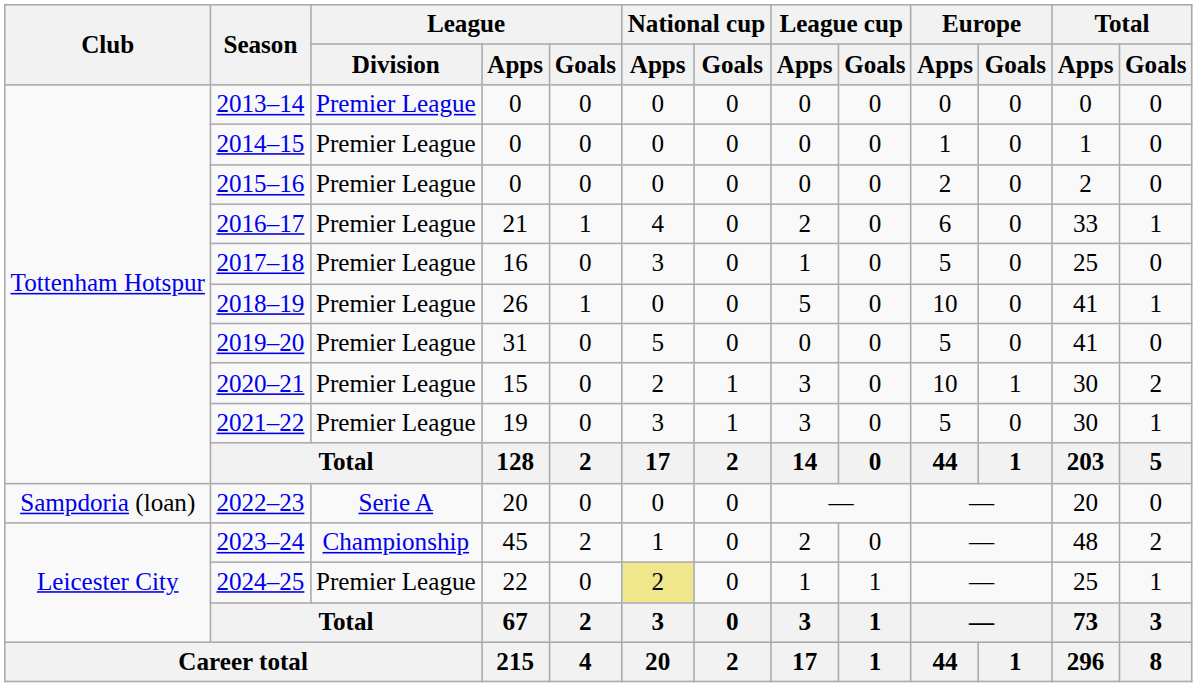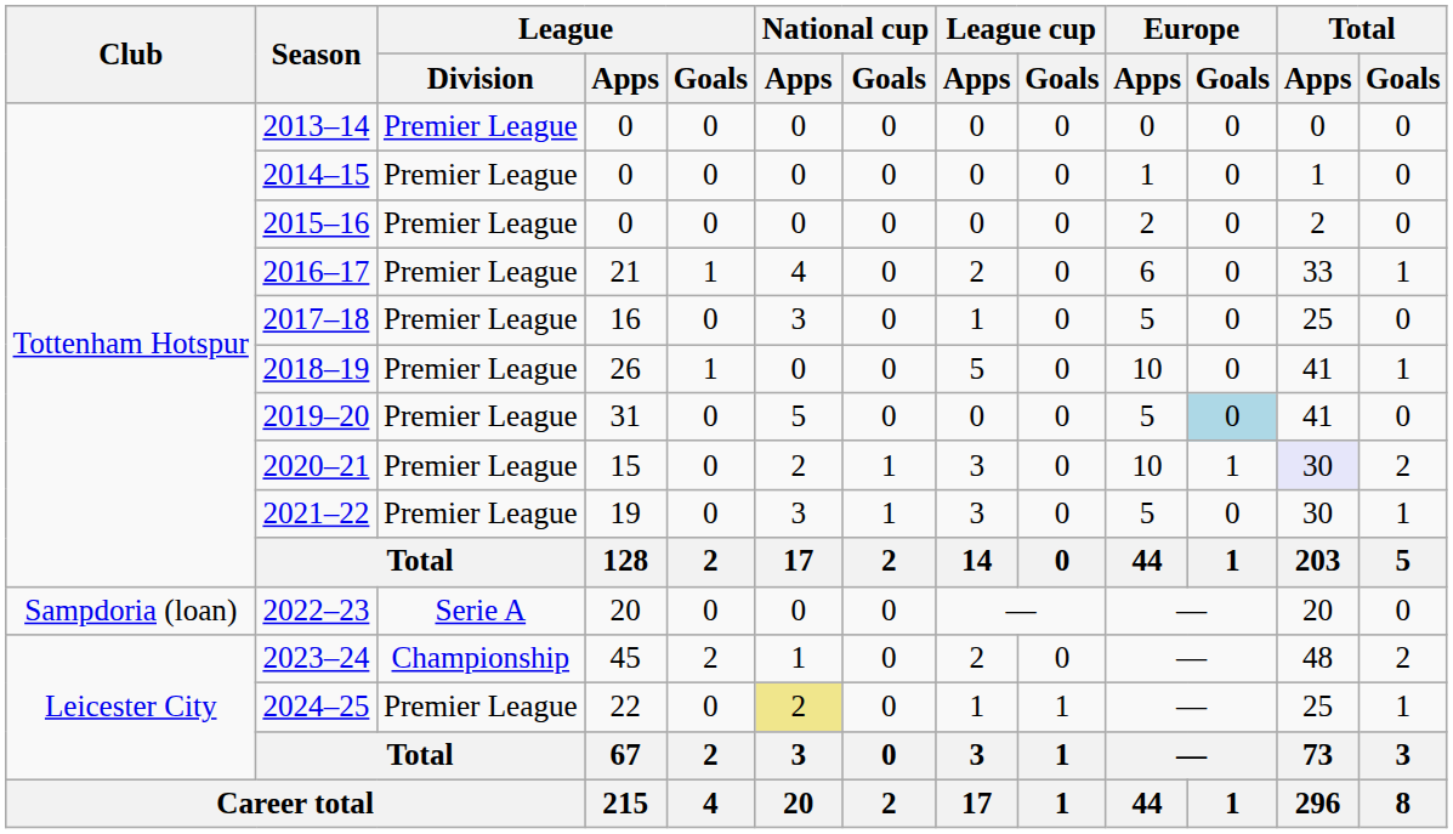 <table class="wikitable" style="text-align: center;">
 <tr>
 <th rowspan=2>Club</th>
 <th rowspan=2>Season</th>
 <th colspan=3>League</th>
 <th colspan=2>National cup</th>
 <th colspan=2>League cup</th>
 <th colspan=2>Europe</th>
 <th colspan=2>Total</th>
 </tr>
 <tr>
 <th>Division</th>
 <th>Apps</th>
 <th>Goals</th>
 <th>Apps</th>
 <th>Goals</th>
 <th>Apps</th>
 <th>Goals</th>
 <th>Apps</th>
 <th>Goals</th>
 <th>Apps</th>
 <th>Goals</th>
 </tr>
 <tr>
 <td rowspan=10><a href='#'>Tottenham Hotspur</a></td>
 <td><a href='#'>2013–14</a></td>
 <td><a href='#'>Premier League</a></td>
 <td>0</td>
 <td>0</td>
 <td>0</td>
 <td>0</td>
 <td>0</td>
 <td>0</td>
 <td>0</td>
 <td>0</td>
 <td>0</td>
 <td>0</td>
 </tr>
 <tr>
 <td><a href='#'>2014–15</a></td>
 <td>Premier League</td>
 <td>0</td>
 <td>0</td>
 <td>0</td>
 <td>0</td>
 <td>0</td>
 <td>0</td>
 <td>1</td>
 <td>0</td>
 <td>1</td>
 <td>0</td>
 </tr>
 <tr>
 <td><a href='#'>2015–16</a></td>
 <td>Premier League</td>
 <td>0</td>
 <td>0</td>
 <td>0</td>
 <td>0</td>
 <td>0</td>
 <td>0</td>
 <td>2</td>
 <td>0</td>
 <td>2</td>
 <td>0</td>
 </tr>
 <tr>
 <td><a href='#'>2016–17</a></td>
 <td>Premier League</td>
 <td>21</td>
 <td>1</td>
 <td>4</td>
 <td>0</td>
 <td>2</td>
 <td>0</td>
 <td>6</td>
 <td>0</td>
 <td>33</td>
 <td>1</td>
 </tr>
 <tr>
 <td><a href='#'>2017–18</a></td>
 <td>Premier League</td>
 <td>16</td>
 <td>0</td>
 <td>3</td>
 <td>0</td>
 <td>1</td>
 <td>0</td>
 <td>5</td>
 <td>0</td>
 <td>25</td>
 <td>0</td>
 </tr>
 <tr>
 <td><a href='#'>2018–19</a></td>
 <td>Premier League</td>
 <td>26</td>
 <td>1</td>
 <td>0</td>
 <td>0</td>
 <td>5</td>
 <td>0</td>
 <td>10</td>
 <td>0</td>
 <td>41</td>
 <td>1</td>
 </tr>
 <tr>
 <td><a href='#'>2019–20</a></td>
 <td>Premier League</td>
 <td>31</td>
 <td>0</td>
 <td>5</td>
 <td>0</td>
 <td>0</td>
 <td>0</td>
 <td>5</td>
-<td>0</td>
+<td style="background: lightblue;">0</td>
 <td>41</td>
 <td>0</td>
 </tr>
 <tr>
 <td><a href='#'>2020–21</a></td>
 <td>Premier League</td>
 <td>15</td>
 <td>0</td>
 <td>2</td>
 <td>1</td>
 <td>3</td>
 <td>0</td>
 <td>10</td>
 <td>1</td>
-<td>30</td>
+<td style="background: lavender;">30</td>
 <td>2</td>
 </tr>
 <tr>
 <td><a href='#'>2021–22</a></td>
 <td>Premier League</td>
 <td>19</td>
 <td>0</td>
 <td>3</td>
 <td>1</td>
 <td>3</td>
 <td>0</td>
 <td>5</td>
 <td>0</td>
 <td>30</td>
 <td>1</td>
 </tr>
 <tr>
 <th colspan=2>Total</th>
 <th>128</th>
 <th>2</th>
 <th>17</th>
 <th>2</th>
 <th>14</th>
 <th>0</th>
 <th>44</th>
 <th>1</th>
 <th>203</th>
 <th>5</th>
 </tr>
 <tr>
 <td><a href='#'>Sampdoria</a> (loan)</td>
 <td><a href='#'>2022–23</a></td>
 <td><a href='#'>Serie A</a></td>
 <td>20</td>
 <td>0</td>
 <td>0</td>
 <td>0</td>
 <td colspan=2>—</td>
 <td colspan=2>—</td>
 <td>20</td>
 <td>0</td>
 </tr>
 <tr>
 <td rowspan=3><a href='#'>Leicester City</a></td>
 <td><a href='#'>2023–24</a></td>
 <td><a href='#'>Championship</a></td>
 <td>45</td>
 <td>2</td>
 <td>1</td>
 <td>0</td>
 <td>2</td>
 <td>0</td>
 <td colspan=2>—</td>
 <td>48</td>
 <td>2</td>
 </tr>
 <tr>
 <td><a href='#'>2024–25</a></td>
 <td>Premier League</td>
 <td>22</td>
 <td>0</td>
 <td style="background: khaki;">2</td>
 <td>0</td>
 <td>1</td>
 <td>1</td>
 <td colspan=2>—</td>
 <td>25</td>
 <td>1</td>
 </tr>
 <tr>
 <th colspan=2>Total</th>
 <th>67</th>
 <th>2</th>
 <th>3</th>
 <th>0</th>
 <th>3</th>
 <th>1</th>
 <th colspan=2>—</th>
 <th>73</th>
 <th>3</th>
 </tr>
 <tr>
 <th colspan=3>Career total</th>
 <th>215</th>
 <th>4</th>
 <th>20</th>
 <th>2</th>
 <th>17</th>
 <th>1</th>
 <th>44</th>
 <th>1</th>
 <th>296</th>
 <th>8</th>
 </tr>
 </table>
